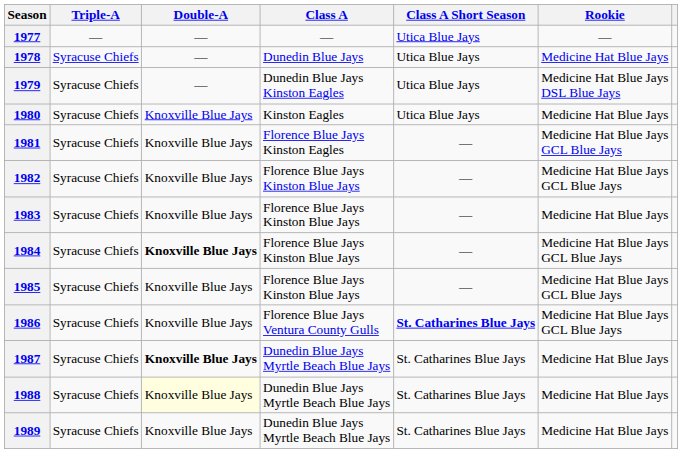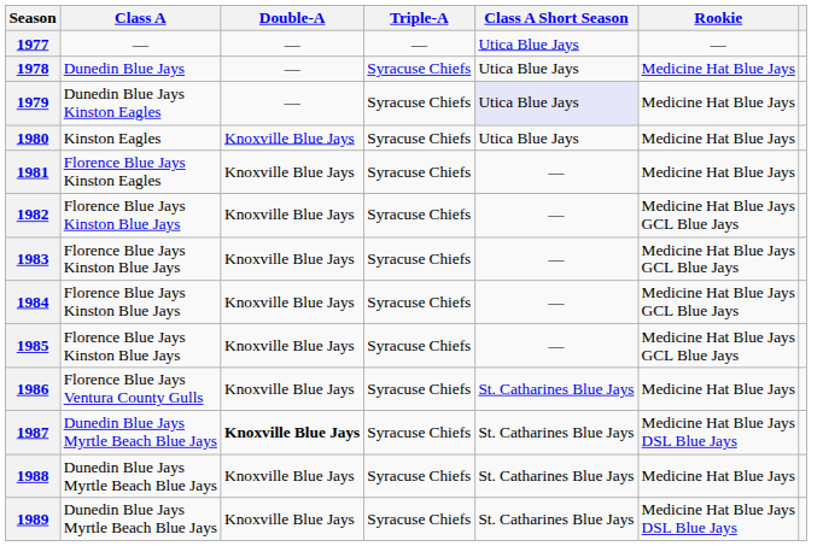 <table class="wikitable plainrowheaders">
 <tr>
 <th scope="col">Season</th>
+<th scope="col"><a href='#'><span>Class A</span></a></th>
+<th scope="col"><a href='#'><span>Double-A</span></a></th>
 <th scope="col"><a href='#'><span>Triple-A</span></a></th>
-<th scope="col"><a href='#'><span>Double-A</span></a></th>
-<th scope="col"><a href='#'><span>Class A</span></a></th>
 <th scope="col"><a href='#'><span>Class A Short Season</span></a></th>
 <th scope="col"><a href='#'><span>Rookie</span></a></th>
 <th scope="col"></th>
 </tr>
 <tr>
 <th scope="row" style="text-align:center"><a href='#'>1977</a></th>
 <td align="center">—</td>
 <td align="center">—</td>
 <td align="center">—</td>
 <td><a href='#'>Utica Blue Jays</a></td>
 <td align="center">—</td>
 <td align="center"></td>
 </tr>
 <tr>
 <th scope="row" style="text-align:center"><a href='#'>1978</a></th>
+<td><a href='#'>Dunedin Blue Jays</a></td>
+<td align="center">—</td>
 <td><a href='#'>Syracuse Chiefs</a></td>
-<td align="center">—</td>
-<td><a href='#'>Dunedin Blue Jays</a></td>
 <td>Utica Blue Jays</td>
 <td><a href='#'>Medicine Hat Blue Jays</a></td>
 <td align="center"></td>
 </tr>
 <tr>
 <th scope="row" style="text-align:center"><a href='#'>1979</a></th>
+<td>Dunedin Blue Jays<br><a href='#'>Kinston Eagles</a></td>
+<td align="center">—</td>
 <td>Syracuse Chiefs</td>
-<td align="center">—</td>
-<td>Dunedin Blue Jays<br><a href='#'>Kinston Eagles</a></td>
-<td>Utica Blue Jays</td>
-<td>Medicine Hat Blue Jays<br><a href='#'>DSL Blue Jays</a></td>
+<td style="background: lavender;">Utica Blue Jays</td>
+<td>Medicine Hat Blue Jays</td>
 <td align="center"></td>
 </tr>
 <tr>
 <th scope="row" style="text-align:center"><a href='#'>1980</a></th>
+<td>Kinston Eagles</td>
+<td><a href='#'>Knoxville Blue Jays</a></td>
 <td>Syracuse Chiefs</td>
-<td><a href='#'>Knoxville Blue Jays</a></td>
-<td>Kinston Eagles</td>
 <td>Utica Blue Jays</td>
 <td>Medicine Hat Blue Jays</td>
 <td align="center"></td>
 </tr>
 <tr>
 <th scope="row" style="text-align:center"><a href='#'>1981</a></th>
+<td><a href='#'>Florence Blue Jays</a><br>Kinston Eagles</td>
+<td>Knoxville Blue Jays</td>
 <td>Syracuse Chiefs</td>
-<td>Knoxville Blue Jays</td>
-<td><a href='#'>Florence Blue Jays</a><br>Kinston Eagles</td>
 <td align="center">—</td>
-<td>Medicine Hat Blue Jays<br><a href='#'>GCL Blue Jays</a></td>
+<td>Medicine Hat Blue Jays</td>
 <td align="center"></td>
 </tr>
 <tr>
 <th scope="row" style="text-align:center"><a href='#'>1982</a></th>
+<td>Florence Blue Jays<br><a href='#'>Kinston Blue Jays</a></td>
+<td>Knoxville Blue Jays</td>
 <td>Syracuse Chiefs</td>
-<td>Knoxville Blue Jays</td>
-<td>Florence Blue Jays<br><a href='#'>Kinston Blue Jays</a></td>
 <td align="center">—</td>
 <td>Medicine Hat Blue Jays<br>GCL Blue Jays</td>
 <td align="center"></td>
 </tr>
 <tr>
 <th scope="row" style="text-align:center"><a href='#'>1983</a></th>
+<td>Florence Blue Jays<br>Kinston Blue Jays</td>
+<td>Knoxville Blue Jays</td>
 <td>Syracuse Chiefs</td>
-<td>Knoxville Blue Jays</td>
-<td>Florence Blue Jays<br>Kinston Blue Jays</td>
 <td align="center">—</td>
-<td>Medicine Hat Blue Jays</td>
+<td>Medicine Hat Blue Jays<br>GCL Blue Jays</td>
 <td align="center"></td>
 </tr>
 <tr>
 <th scope="row" style="text-align:center"><a href='#'>1984</a></th>
+<td>Florence Blue Jays<br>Kinston Blue Jays</td>
+<td>Knoxville Blue Jays</td>
 <td>Syracuse Chiefs</td>
-<td><strong>Knoxville Blue Jays</strong></td>
-<td>Florence Blue Jays<br>Kinston Blue Jays</td>
 <td align="center">—</td>
 <td>Medicine Hat Blue Jays<br>GCL Blue Jays</td>
 <td align="center"></td>
 </tr>
 <tr>
 <th scope="row" style="text-align:center"><a href='#'>1985</a></th>
+<td>Florence Blue Jays<br>Kinston Blue Jays</td>
+<td>Knoxville Blue Jays</td>
 <td>Syracuse Chiefs</td>
-<td>Knoxville Blue Jays</td>
-<td>Florence Blue Jays<br>Kinston Blue Jays</td>
 <td align="center">—</td>
 <td>Medicine Hat Blue Jays<br>GCL Blue Jays</td>
 <td align="center"></td>
 </tr>
 <tr>
 <th scope="row" style="text-align:center"><a href='#'>1986</a></th>
+<td>Florence Blue Jays<br><a href='#'>Ventura County Gulls</a></td>
+<td>Knoxville Blue Jays</td>
 <td>Syracuse Chiefs</td>
-<td>Knoxville Blue Jays</td>
-<td>Florence Blue Jays<br><a href='#'>Ventura County Gulls</a></td>
-<td><strong><a href='#'>St. Catharines Blue Jays</a></strong></td>
-<td>Medicine Hat Blue Jays<br>GCL Blue Jays</td>
+<td><a href='#'>St. Catharines Blue Jays</a></td>
+<td>Medicine Hat Blue Jays</td>
 <td align="center"></td>
 </tr>
 <tr>
 <th scope="row" style="text-align:center"><a href='#'>1987</a></th>
+<td><a href='#'>Dunedin Blue Jays</a><br><a href='#'>Myrtle Beach Blue Jays</a></td>
+<td><strong>Knoxville Blue Jays</strong></td>
 <td>Syracuse Chiefs</td>
-<td><strong>Knoxville Blue Jays</strong></td>
-<td><a href='#'>Dunedin Blue Jays</a><br><a href='#'>Myrtle Beach Blue Jays</a></td>
 <td>St. Catharines Blue Jays</td>
-<td>Medicine Hat Blue Jays</td>
+<td>Medicine Hat Blue Jays<br><a href='#'>DSL Blue Jays</a></td>
 <td align="center"></td>
 </tr>
 <tr>
 <th scope="row" style="text-align:center"><a href='#'>1988</a></th>
+<td>Dunedin Blue Jays<br>Myrtle Beach Blue Jays</td>
+<td>Knoxville Blue Jays</td>
 <td>Syracuse Chiefs</td>
-<td style="background: lightyellow;">Knoxville Blue Jays</td>
-<td>Dunedin Blue Jays<br>Myrtle Beach Blue Jays</td>
 <td>St. Catharines Blue Jays</td>
 <td>Medicine Hat Blue Jays</td>
 <td align="center"></td>
 </tr>
 <tr>
 <th scope="row" style="text-align:center"><a href='#'>1989</a></th>
+<td>Dunedin Blue Jays<br>Myrtle Beach Blue Jays</td>
+<td>Knoxville Blue Jays</td>
 <td>Syracuse Chiefs</td>
-<td>Knoxville Blue Jays</td>
-<td>Dunedin Blue Jays<br>Myrtle Beach Blue Jays</td>
 <td>St. Catharines Blue Jays</td>
-<td>Medicine Hat Blue Jays</td>
+<td>Medicine Hat Blue Jays<br><a href='#'>DSL Blue Jays</a></td>
 <td align="center"></td>
 </tr>
 </table>
